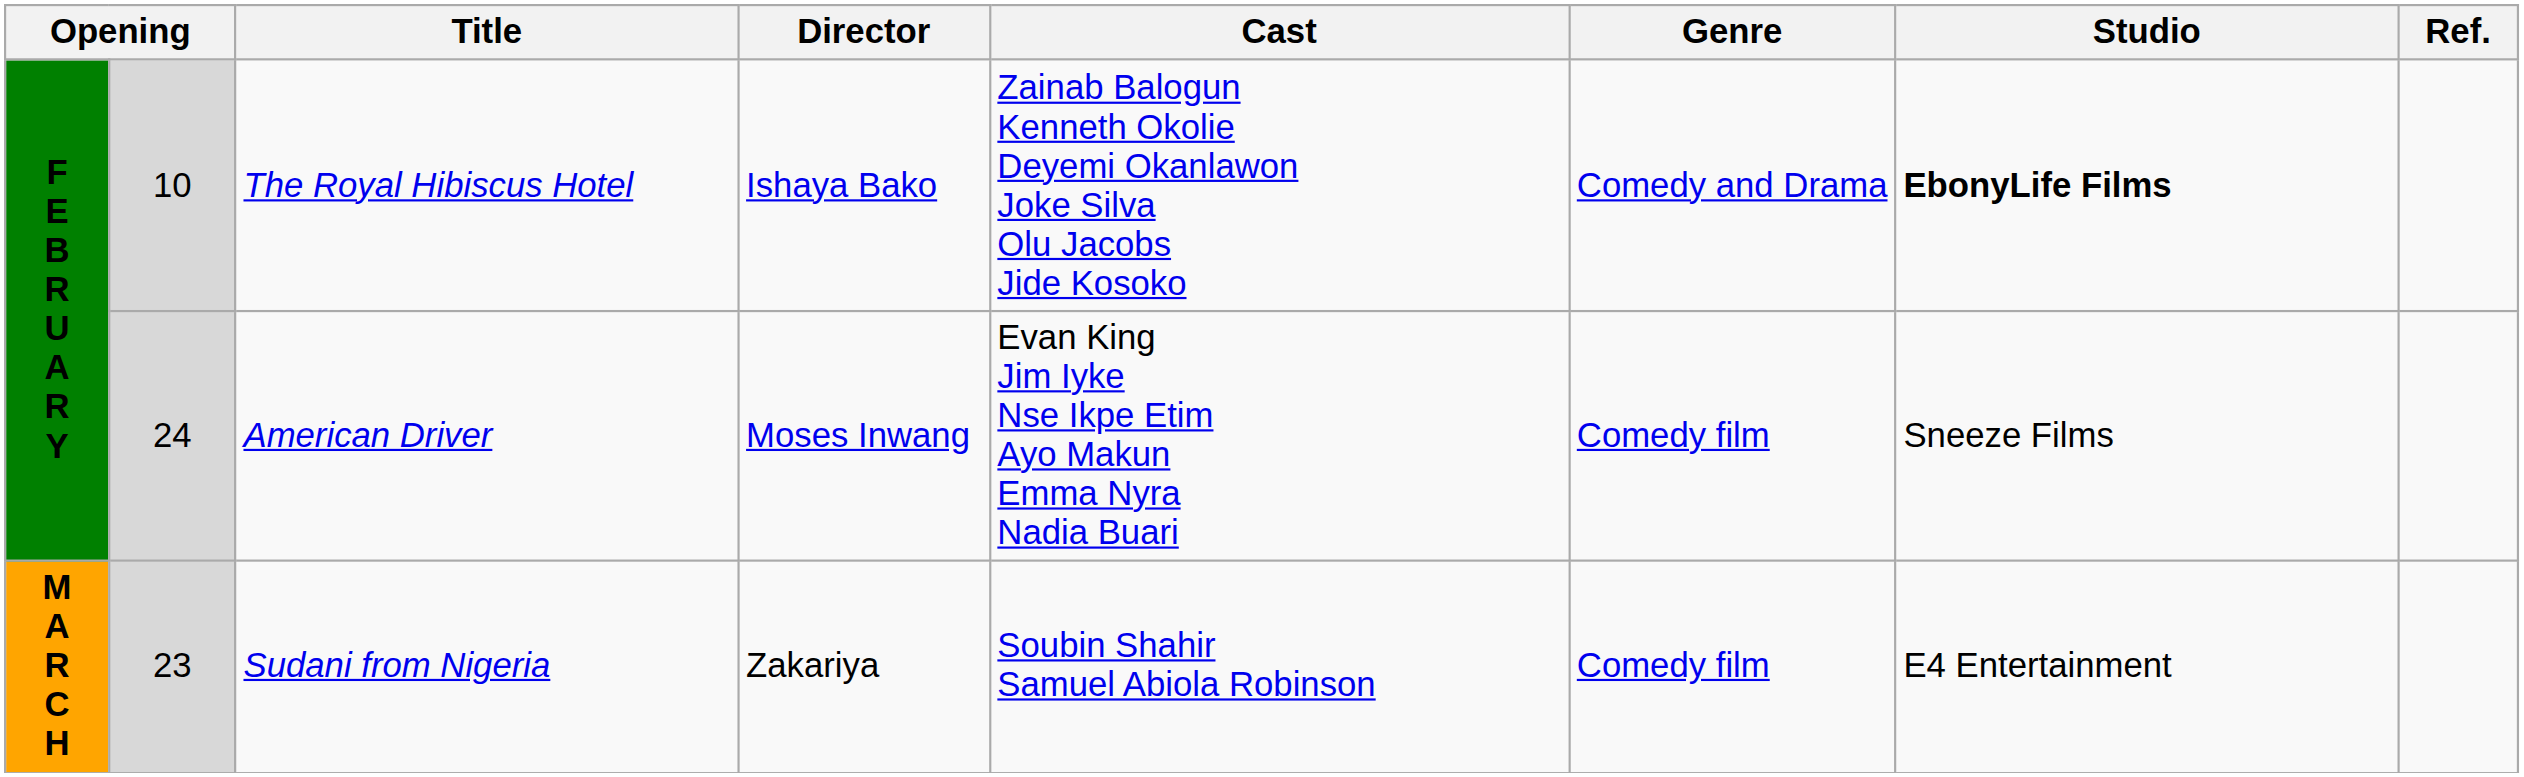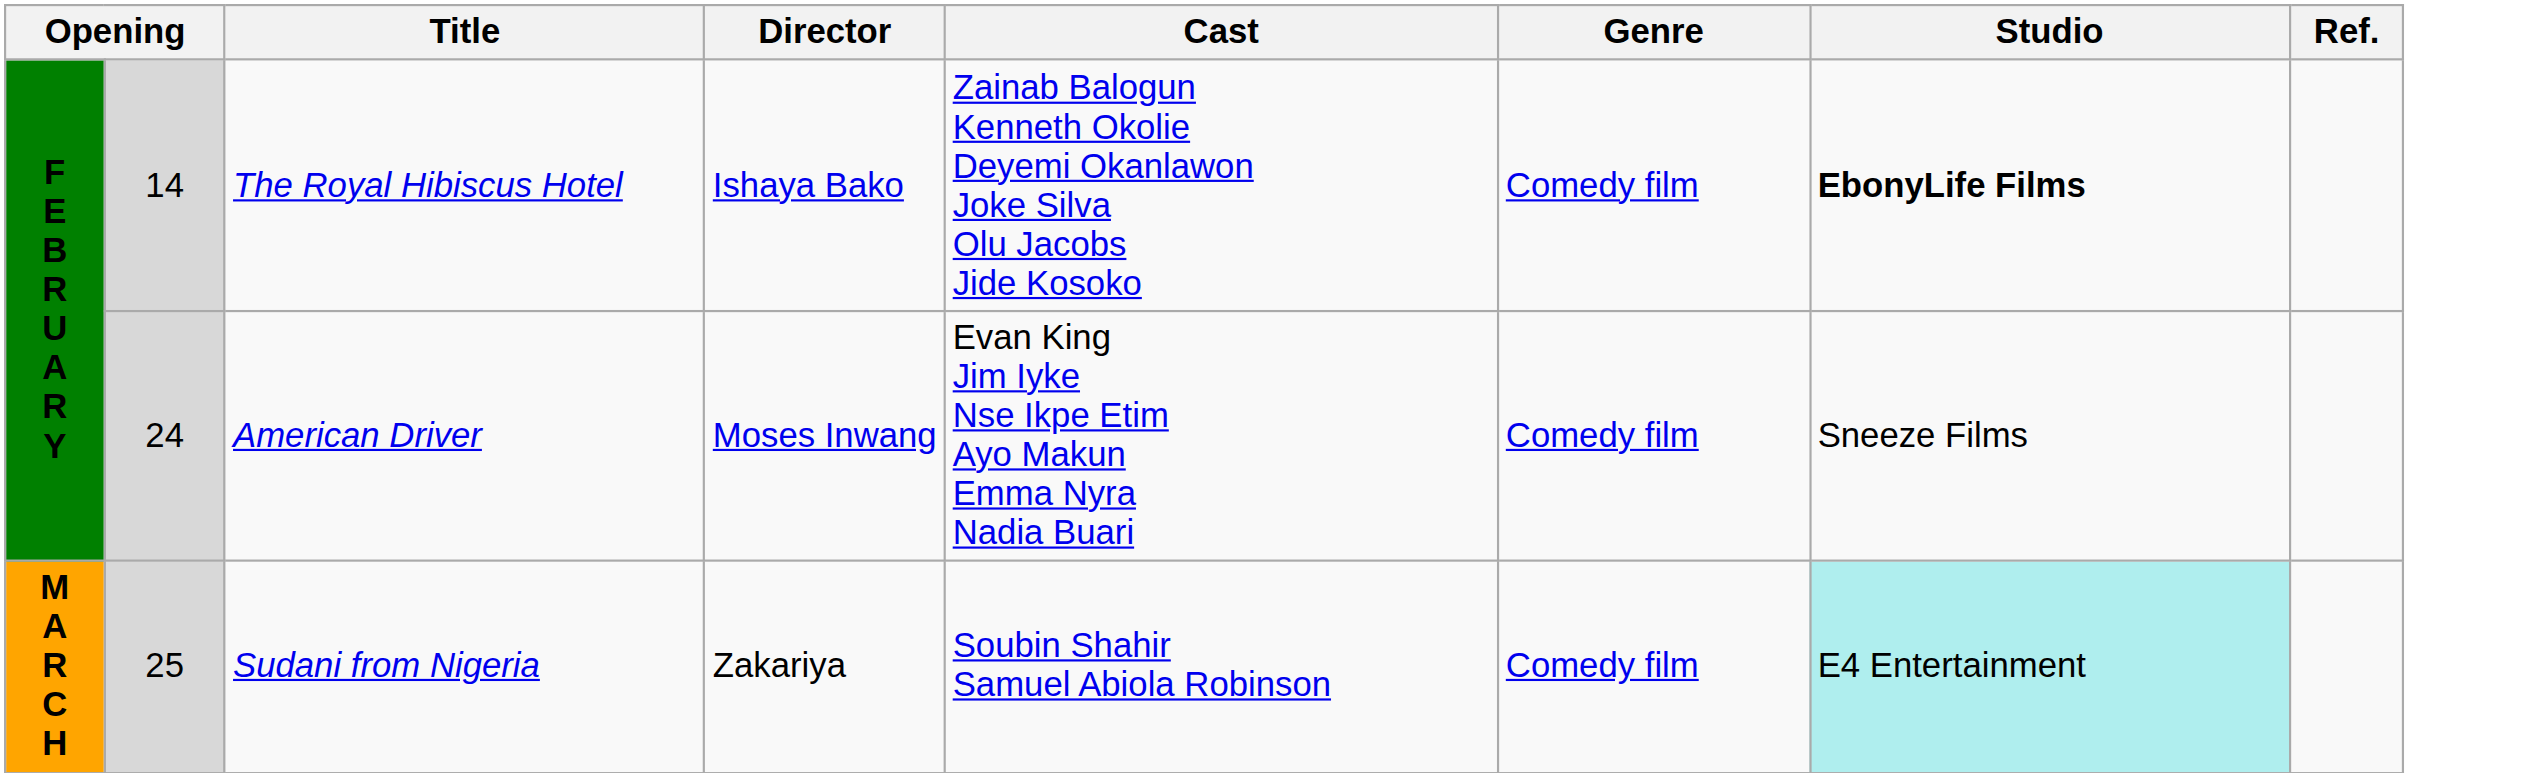 <table class="wikitable">
 <tr>
 <th colspan="2">Opening</th>
 <th style="width:20%;">Title</th>
 <th style="width:10%;">Director</th>
 <th>Cast</th>
 <th style="width:13%">Genre</th>
 <th style="width:20%">Studio</th>
 <th>Ref.</th>
 </tr>
 <tr>
 <td rowspan=2 style="text-align:center; background:green; textcolor:#000;"><strong>F<br>E<br>B<br>R<br>U<br>A<br>R<br>Y<br></strong></td>
-<td rowspan=1 style="text-align:center; background:#d8d8d8; textcolor:#000;">10</td>
+<td rowspan=1 style="text-align:center; background:#d8d8d8; textcolor:#000;">14</td>
 <td><em><a href='#'>The Royal Hibiscus Hotel</a></em></td>
 <td><a href='#'>Ishaya Bako</a></td>
 <td><a href='#'>Zainab Balogun</a><br><a href='#'>Kenneth Okolie</a><br><a href='#'>Deyemi Okanlawon</a><br><a href='#'>Joke Silva</a><br><a href='#'>Olu Jacobs</a><br><a href='#'>Jide Kosoko</a></td>
-<td><a href='#'>Comedy and Drama</a></td>
+<td><a href='#'>Comedy film</a></td>
 <td><strong>EbonyLife Films</strong></td>
 <td></td>
 </tr>
 <tr>
 <td rowspan=1 style="text-align:center; background:#d8d8d8; textcolor:#000;">24</td>
 <td><em><a href='#'>American Driver</a></em></td>
 <td><a href='#'>Moses Inwang</a></td>
 <td>Evan King<br><a href='#'>Jim Iyke</a><br><a href='#'>Nse Ikpe Etim</a><br><a href='#'>Ayo Makun</a><br><a href='#'>Emma Nyra</a><br><a href='#'>Nadia Buari</a></td>
 <td><a href='#'>Comedy film</a></td>
 <td>Sneeze Films</td>
 <td></td>
 </tr>
 <tr>
 <td rowspan=1 style="text-align:center; background:orange; textcolor:#000;"><strong>M<br>A<br>R<br>C<br>H<br></strong></td>
-<td rowspan=1 style="text-align:center; background:#d8d8d8; textcolor:#000;">23</td>
+<td rowspan=1 style="text-align:center; background:#d8d8d8; textcolor:#000;">25</td>
 <td><em><a href='#'>Sudani from Nigeria</a></em></td>
 <td>Zakariya</td>
 <td><a href='#'>Soubin Shahir</a><br><a href='#'>Samuel Abiola Robinson</a><br></td>
 <td><a href='#'>Comedy film</a></td>
-<td>E4 Entertainment</td>
+<td style="background: paleturquoise;">E4 Entertainment</td>
 <td></td>
 </tr>
 <tr>
 </tr>
 </table>
